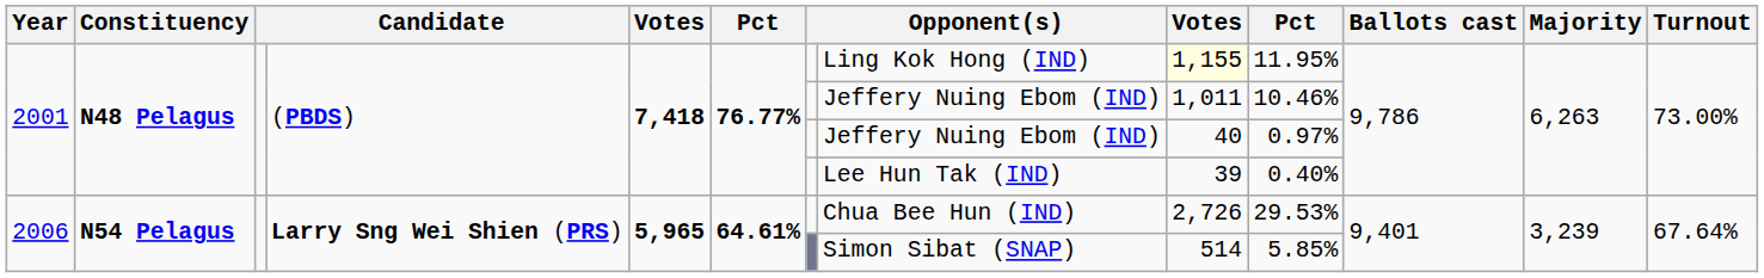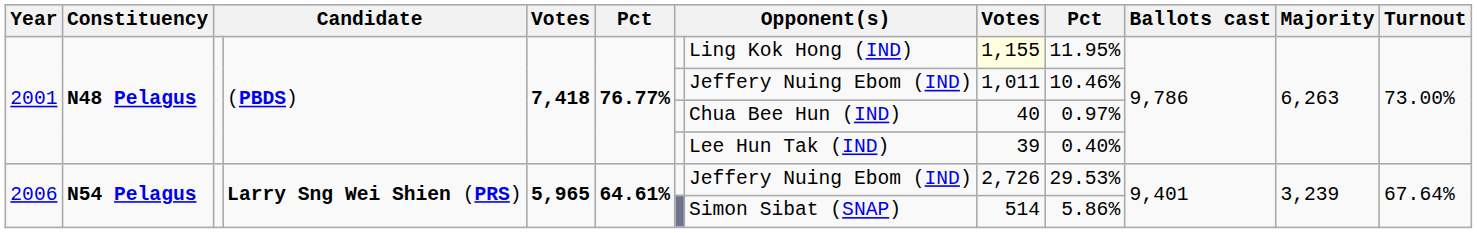 <table class="wikitable" style="margin:0.5em ; font-size:95%">
 <tr>
 <th>Year</th>
 <th>Constituency</th>
 <th colspan=2>Candidate</th>
 <th>Votes</th>
 <th>Pct</th>
 <th colspan=2>Opponent(s)</th>
 <th>Votes</th>
 <th>Pct</th>
 <th>Ballots cast</th>
 <th>Majority</th>
 <th>Turnout</th>
 </tr>
 <tr>
 <td rowspan=4><a href='#'>2001</a></td>
 <td rowspan=4><strong>N48 <a href='#'>Pelagus</a></strong></td>
 <td rowspan=4 ></td>
 <td rowspan=4> (<a href='#'><strong>PBDS</strong></a>)</td>
 <td rowspan=4 align="right"><strong>7,418</strong></td>
 <td rowspan=4><strong>76.77%</strong></td>
 <td></td>
 <td>Ling Kok Hong (<a href='#'>IND</a>)</td>
 <td align="right" style="background: lightyellow;">1,155</td>
 <td>11.95%</td>
 <td rowspan=4>9,786</td>
 <td rowspan=4>6,263</td>
 <td rowspan=4>73.00%</td>
 </tr>
 <tr>
 <td></td>
 <td>Jeffery Nuing Ebom (<a href='#'>IND</a>)</td>
 <td align="right">1,011</td>
 <td>10.46%</td>
 </tr>
 <tr>
 <td></td>
-<td>Jeffery Nuing Ebom (<a href='#'>IND</a>)</td>
+<td>Chua Bee Hun (<a href='#'>IND</a>)</td>
 <td align="right">40</td>
 <td align=right>0.97%</td>
 </tr>
 <tr>
 <td></td>
 <td>Lee Hun Tak (<a href='#'>IND</a>)</td>
 <td align="right">39</td>
 <td align=right>0.40%</td>
 </tr>
 <tr>
 <td rowspan="2"><a href='#'>2006</a></td>
 <td rowspan=2><strong>N54 <a href='#'>Pelagus</a></strong></td>
 <td rowspan="2" ></td>
 <td rowspan="2"><strong>Larry Sng Wei Shien</strong> (<a href='#'><strong>PRS</strong></a>)</td>
 <td rowspan="2" align="right"><strong>5,965</strong></td>
 <td rowspan="2"><strong>64.61%</strong></td>
 <td></td>
-<td>Chua Bee Hun (<a href='#'>IND</a>)</td>
+<td>Jeffery Nuing Ebom (<a href='#'>IND</a>)</td>
 <td align="right">2,726</td>
 <td>29.53%</td>
 <td rowspan="2">9,401</td>
 <td rowspan="2">3,239</td>
 <td rowspan="2">67.64%</td>
 </tr>
 <tr>
 <td bgcolor="#717190"></td>
 <td>Simon Sibat (<a href='#'>SNAP</a>)</td>
 <td align="right">514</td>
-<td align=right>5.85%</td>
+<td align=right>5.86%</td>
 </tr>
 </table>
